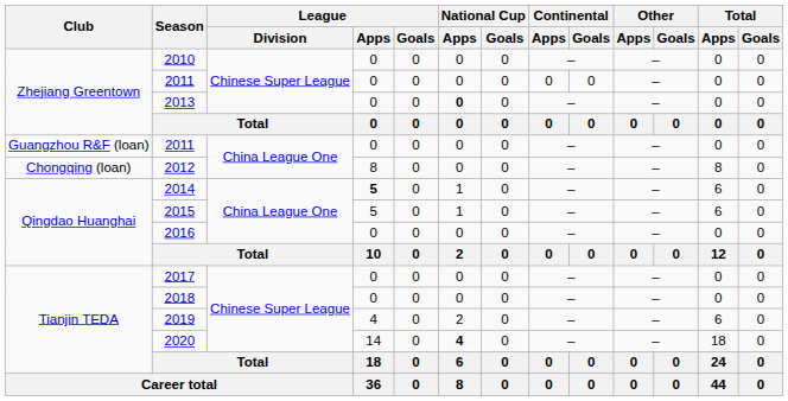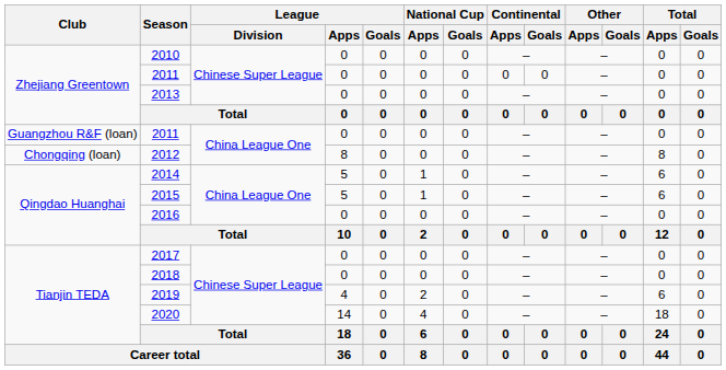 <table class="wikitable" style="text-align: center">
 <tr>
 <th rowspan="2">Club</th>
 <th rowspan="2">Season</th>
 <th colspan="3">League</th>
 <th colspan="2">National Cup</th>
 <th colspan="2">Continental</th>
 <th colspan="2">Other</th>
 <th colspan="2">Total</th>
 </tr>
 <tr>
 <th>Division</th>
 <th>Apps</th>
 <th>Goals</th>
 <th>Apps</th>
 <th>Goals</th>
 <th>Apps</th>
 <th>Goals</th>
 <th>Apps</th>
 <th>Goals</th>
 <th>Apps</th>
 <th>Goals</th>
 </tr>
 <tr>
 <td rowspan=4><a href='#'>Zhejiang Greentown</a></td>
 <td><a href='#'>2010</a></td>
 <td rowspan=3><a href='#'>Chinese Super League</a></td>
 <td>0</td>
 <td>0</td>
 <td>0</td>
 <td>0</td>
 <td colspan="2">–</td>
 <td colspan="2">–</td>
 <td>0</td>
 <td>0</td>
 </tr>
 <tr>
 <td><a href='#'>2011</a></td>
 <td>0</td>
 <td>0</td>
 <td>0</td>
 <td>0</td>
 <td>0</td>
 <td>0</td>
 <td colspan="2">–</td>
 <td>0</td>
 <td>0</td>
 </tr>
 <tr>
 <td><a href='#'>2013</a></td>
 <td>0</td>
 <td>0</td>
-<td><strong>0</strong></td>
+<td>0</td>
 <td>0</td>
 <td colspan="2">–</td>
 <td colspan="2">–</td>
 <td>0</td>
 <td>0</td>
 </tr>
 <tr>
 <th colspan=2>Total</th>
 <th>0</th>
 <th>0</th>
 <th>0</th>
 <th>0</th>
 <th>0</th>
 <th>0</th>
 <th>0</th>
 <th>0</th>
 <th>0</th>
 <th>0</th>
 </tr>
 <tr>
 <td><a href='#'>Guangzhou R&F</a> (loan)</td>
 <td><a href='#'>2011</a></td>
 <td rowspan="2"><a href='#'>China League One</a></td>
 <td>0</td>
 <td>0</td>
 <td>0</td>
 <td>0</td>
 <td colspan="2">–</td>
 <td colspan="2">–</td>
 <td>0</td>
 <td>0</td>
 </tr>
 <tr>
 <td><a href='#'>Chongqing</a> (loan)</td>
 <td><a href='#'>2012</a></td>
 <td>8</td>
 <td>0</td>
 <td>0</td>
 <td>0</td>
 <td colspan="2">–</td>
 <td colspan="2">–</td>
 <td>8</td>
 <td>0</td>
 </tr>
 <tr>
 <td rowspan=4><a href='#'>Qingdao Huanghai</a></td>
 <td><a href='#'>2014</a></td>
 <td rowspan=3><a href='#'>China League One</a></td>
-<td><strong>5</strong></td>
+<td>5</td>
 <td>0</td>
 <td>1</td>
 <td>0</td>
 <td colspan="2">–</td>
 <td colspan="2">–</td>
 <td>6</td>
 <td>0</td>
 </tr>
 <tr>
 <td><a href='#'>2015</a></td>
 <td>5</td>
 <td>0</td>
 <td>1</td>
 <td>0</td>
 <td colspan="2">–</td>
 <td colspan="2">–</td>
 <td>6</td>
 <td>0</td>
 </tr>
 <tr>
 <td><a href='#'>2016</a></td>
 <td>0</td>
 <td>0</td>
 <td>0</td>
 <td>0</td>
 <td colspan="2">–</td>
 <td colspan="2">–</td>
 <td>0</td>
 <td>0</td>
 </tr>
 <tr>
 <th colspan=2>Total</th>
 <th>10</th>
 <th>0</th>
 <th>2</th>
 <th>0</th>
 <th>0</th>
 <th>0</th>
 <th>0</th>
 <th>0</th>
 <th>12</th>
 <th>0</th>
 </tr>
 <tr>
 <td rowspan=5><a href='#'>Tianjin TEDA</a></td>
 <td><a href='#'>2017</a></td>
 <td rowspan=4><a href='#'>Chinese Super League</a></td>
 <td>0</td>
 <td>0</td>
 <td>0</td>
 <td>0</td>
 <td colspan="2">–</td>
 <td colspan="2">–</td>
 <td>0</td>
 <td>0</td>
 </tr>
 <tr>
 <td><a href='#'>2018</a></td>
 <td>0</td>
 <td>0</td>
 <td>0</td>
 <td>0</td>
 <td colspan="2">–</td>
 <td colspan="2">–</td>
 <td>0</td>
 <td>0</td>
 </tr>
 <tr>
 <td><a href='#'>2019</a></td>
 <td>4</td>
 <td>0</td>
 <td>2</td>
 <td>0</td>
 <td colspan="2">–</td>
 <td colspan="2">–</td>
 <td>6</td>
 <td>0</td>
 </tr>
 <tr>
 <td><a href='#'>2020</a></td>
 <td>14</td>
 <td>0</td>
-<td><strong>4</strong></td>
+<td>4</td>
 <td>0</td>
 <td colspan="2">–</td>
 <td colspan="2">–</td>
 <td>18</td>
 <td>0</td>
 </tr>
 <tr>
 <th colspan=2>Total</th>
 <th>18</th>
 <th>0</th>
 <th>6</th>
 <th>0</th>
 <th>0</th>
 <th>0</th>
 <th>0</th>
 <th>0</th>
 <th>24</th>
 <th>0</th>
 </tr>
 <tr>
 <th colspan=3>Career total</th>
 <th>36</th>
 <th>0</th>
 <th>8</th>
 <th>0</th>
 <th>0</th>
 <th>0</th>
 <th>0</th>
 <th>0</th>
 <th>44</th>
 <th>0</th>
 </tr>
 </table>
